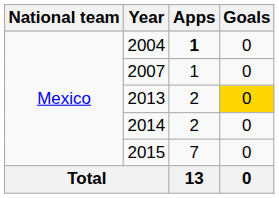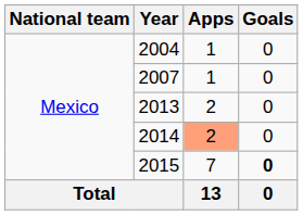 <table class="wikitable" style="text-align: center;">
 <tr>
 <th>National team</th>
 <th>Year</th>
 <th>Apps</th>
 <th>Goals</th>
 </tr>
 <tr>
 <td rowspan="5" valign="center"><a href='#'>Mexico</a></td>
 <td>2004</td>
-<td><strong>1</strong></td>
+<td>1</td>
 <td>0</td>
 </tr>
 <tr>
 <td>2007</td>
 <td>1</td>
 <td>0</td>
 </tr>
 <tr>
 <td>2013</td>
 <td>2</td>
-<td style="background: gold;">0</td>
+<td>0</td>
 </tr>
 <tr>
 <td>2014</td>
-<td>2</td>
+<td style="background: lightsalmon;">2</td>
 <td>0</td>
 </tr>
 <tr>
 <td>2015</td>
 <td>7</td>
-<td>0</td>
+<td><strong>0</strong></td>
 </tr>
 <tr>
 <th colspan="2">Total</th>
 <th>13</th>
 <th>0</th>
 </tr>
 </table>
